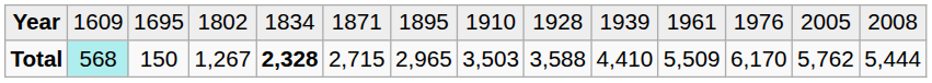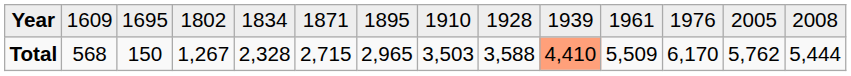 <table class="wikitable" style="width:6em">
 <tr bgcolor="#eeeeee" align="center">
 <td><strong>Year</strong></td>
 <td>1609</td>
 <td>1695</td>
 <td>1802</td>
 <td>1834</td>
 <td>1871</td>
 <td>1895</td>
 <td>1910</td>
 <td>1928</td>
 <td>1939</td>
 <td>1961</td>
 <td>1976</td>
 <td>2005</td>
 <td>2008</td>
 </tr>
 <tr align="center">
 <td><strong>Total</strong></td>
-<td style="background: paleturquoise;">568</td>
+<td>568</td>
 <td>150</td>
 <td>1,267</td>
-<td><strong>2,328</strong></td>
+<td>2,328</td>
 <td>2,715</td>
 <td>2,965</td>
 <td>3,503</td>
 <td>3,588</td>
-<td>4,410</td>
+<td style="background: lightsalmon;">4,410</td>
 <td>5,509</td>
 <td>6,170</td>
 <td>5,762</td>
 <td>5,444</td>
 </tr>
 </table>
